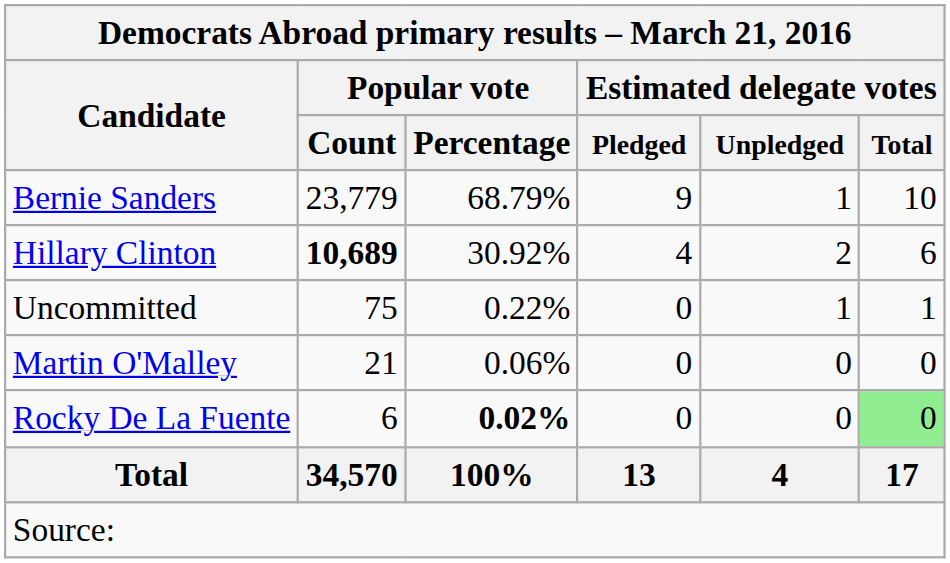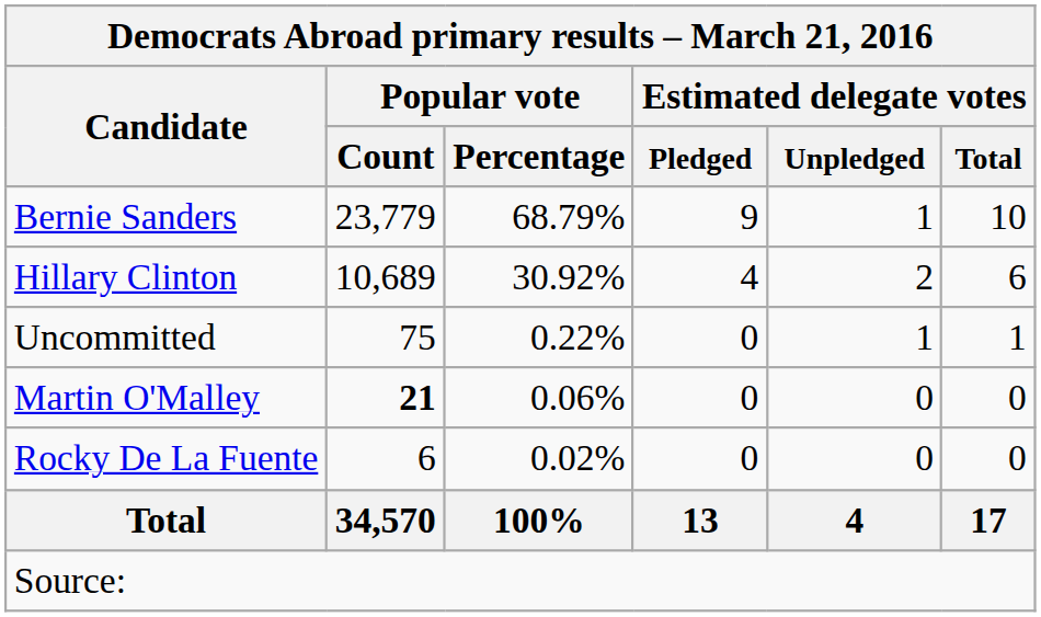 <table class="wikitable collapsible" cellpadding="5" style="text-align:right; font-size:95%;">
 <tr>
 <th colspan="6">Democrats Abroad primary results – March 21, 2016</th>
 </tr>
 <tr>
 <th rowspan="2">Candidate</th>
 <th colspan="2">Popular vote</th>
 <th colspan="3">Estimated delegate votes</th>
 </tr>
 <tr>
 <th>Count</th>
 <th>Percentage</th>
 <th><small>Pledged</small></th>
 <th><small>Unpledged</small></th>
 <th><small>Total</small></th>
 </tr>
 <tr>
 <td style="text-align:left;"><a href='#'>Bernie Sanders</a></td>
 <td>23,779</td>
 <td>68.79%</td>
 <td>9</td>
 <td>1</td>
 <td>10</td>
 </tr>
 <tr>
 <td style="text-align:left;"><a href='#'>Hillary Clinton</a></td>
-<td><strong>10,689</strong></td>
+<td>10,689</td>
 <td>30.92%</td>
 <td>4</td>
 <td>2</td>
 <td>6</td>
 </tr>
 <tr>
 <td style="text-align:left;">Uncommitted</td>
 <td>75</td>
 <td>0.22%</td>
 <td>0</td>
 <td>1</td>
 <td>1</td>
 </tr>
 <tr>
 <td style="text-align:left;"><a href='#'>Martin O'Malley</a> </td>
-<td>21</td>
+<td><strong>21</strong></td>
 <td>0.06%</td>
 <td>0</td>
 <td>0</td>
 <td>0</td>
 </tr>
 <tr>
 <td style="text-align:left;"><a href='#'>Rocky De La Fuente</a></td>
 <td>6</td>
-<td><strong>0.02%</strong></td>
+<td>0.02%</td>
 <td>0</td>
 <td>0</td>
-<td style="background: lightgreen;">0</td>
+<td>0</td>
 </tr>
 <tr>
 <th>Total</th>
 <th>34,570</th>
 <th>100%</th>
 <th>13</th>
 <th>4</th>
 <th>17</th>
 </tr>
 <tr>
 <td colspan="6" style="text-align:left;">Source: <em></em></td>
 </tr>
 </table>
